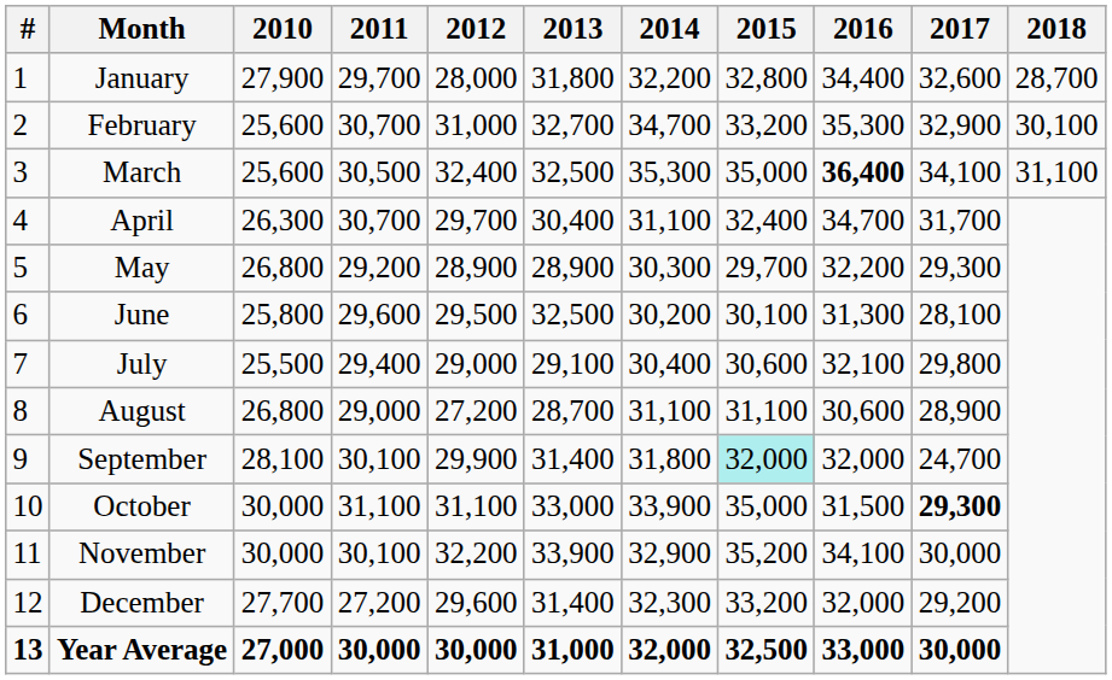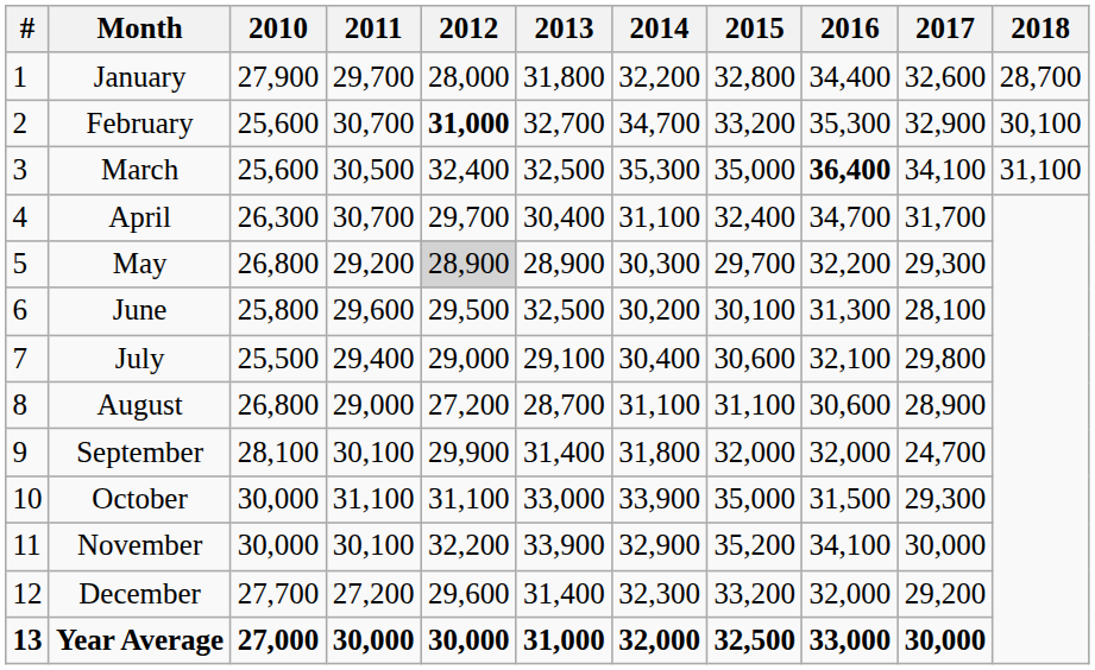 <table class="wikitable sortable">
 <tr>
 <th>#</th>
 <th class="unsortable">Month</th>
 <th>2010</th>
 <th>2011</th>
 <th>2012</th>
 <th>2013</th>
 <th>2014</th>
 <th>2015</th>
 <th>2016</th>
 <th>2017</th>
 <th>2018</th>
 </tr>
 <tr>
 <td>1</td>
 <td align="center">January</td>
 <td align="center">27,900</td>
 <td align="center">29,700</td>
 <td align="center">28,000</td>
 <td align="center">31,800</td>
 <td align="center">32,200</td>
 <td align="center">32,800</td>
 <td align="center">34,400</td>
 <td align="center">32,600</td>
 <td align="center">28,700</td>
 </tr>
 <tr>
 <td>2</td>
 <td align="center">February</td>
 <td align="center">25,600</td>
 <td align="center">30,700</td>
-<td align="center">31,000</td>
+<td align="center"><strong>31,000</strong></td>
 <td align="center">32,700</td>
 <td align="center">34,700</td>
 <td align="center">33,200</td>
 <td align="center">35,300</td>
 <td align="center">32,900</td>
 <td align="center">30,100</td>
 </tr>
 <tr>
 <td>3</td>
 <td align="center">March</td>
 <td align="center">25,600</td>
 <td align="center">30,500</td>
 <td align="center">32,400</td>
 <td align="center">32,500</td>
 <td align="center">35,300</td>
 <td align="center">35,000</td>
 <td align="center"><strong>36,400</strong></td>
 <td align="center">34,100</td>
 <td align="center">31,100</td>
 </tr>
 <tr>
 <td>4</td>
 <td align="center">April</td>
 <td align="center">26,300</td>
 <td align="center">30,700</td>
 <td align="center">29,700</td>
 <td align="center">30,400</td>
 <td align="center">31,100</td>
 <td align="center">32,400</td>
 <td align="center">34,700</td>
 <td align="center">31,700</td>
 </tr>
 <tr>
 <td>5</td>
 <td align="center">May</td>
 <td align="center">26,800</td>
 <td align="center">29,200</td>
-<td align="center">28,900</td>
+<td align="center" style="background: lightgrey;">28,900</td>
 <td align="center">28,900</td>
 <td align="center">30,300</td>
 <td align="center">29,700</td>
 <td align="center">32,200</td>
 <td align="center">29,300</td>
 </tr>
 <tr>
 <td>6</td>
 <td align="center">June</td>
 <td align="center">25,800</td>
 <td align="center">29,600</td>
 <td align="center">29,500</td>
 <td align="center">32,500</td>
 <td align="center">30,200</td>
 <td align="center">30,100</td>
 <td align="center">31,300</td>
 <td align="center">28,100</td>
 </tr>
 <tr>
 <td>7</td>
 <td align="center">July</td>
 <td align="center">25,500</td>
 <td align="center">29,400</td>
 <td align="center">29,000</td>
 <td align="center">29,100</td>
 <td align="center">30,400</td>
 <td align="center">30,600</td>
 <td align="center">32,100</td>
 <td align="center">29,800</td>
 </tr>
 <tr>
 <td>8</td>
 <td align="center">August</td>
 <td align="center">26,800</td>
 <td align="center">29,000</td>
 <td align="center">27,200</td>
 <td align="center">28,700</td>
 <td align="center">31,100</td>
 <td align="center">31,100</td>
 <td align="center">30,600</td>
 <td align="center">28,900</td>
 </tr>
 <tr>
 <td>9</td>
 <td align="center">September</td>
 <td align="center">28,100</td>
 <td align="center">30,100</td>
 <td align="center">29,900</td>
 <td align="center">31,400</td>
 <td align="center">31,800</td>
-<td align="center" style="background: paleturquoise;">32,000</td>
+<td align="center">32,000</td>
 <td align="center">32,000</td>
 <td align="center">24,700</td>
 </tr>
 <tr>
 <td>10</td>
 <td align="center">October</td>
 <td align="center">30,000</td>
 <td align="center">31,100</td>
 <td align="center">31,100</td>
 <td align="center">33,000</td>
 <td align="center">33,900</td>
 <td align="center">35,000</td>
 <td align="center">31,500</td>
-<td align="center"><strong>29,300</strong></td>
+<td align="center">29,300</td>
 </tr>
 <tr>
 <td>11</td>
 <td align="center">November</td>
 <td align="center">30,000</td>
 <td align="center">30,100</td>
 <td align="center">32,200</td>
 <td align="center">33,900</td>
 <td align="center">32,900</td>
 <td align="center">35,200</td>
 <td align="center">34,100</td>
 <td align="center">30,000</td>
 </tr>
 <tr>
 <td>12</td>
 <td align="center">December</td>
 <td align="center">27,700</td>
 <td align="center">27,200</td>
 <td align="center">29,600</td>
 <td align="center">31,400</td>
 <td align="center">32,300</td>
 <td align="center">33,200</td>
 <td align="center">32,000</td>
 <td align="center">29,200</td>
 </tr>
 <tr>
 <td align="center"><strong>13</strong></td>
 <td align="center"><strong>Year Average</strong></td>
 <td align="center"><strong>27,000</strong></td>
 <td align="center"><strong>30,000</strong></td>
 <td align="center"><strong>30,000</strong></td>
 <td align="center"><strong>31,000</strong></td>
 <td align="center"><strong>32,000</strong></td>
 <td align="center"><strong>32,500</strong></td>
 <td align="center"><strong>33,000</strong></td>
 <td align="center"><strong>30,000</strong></td>
 </tr>
 </table>
